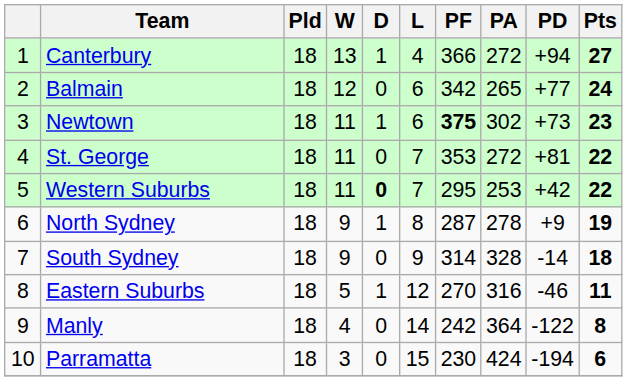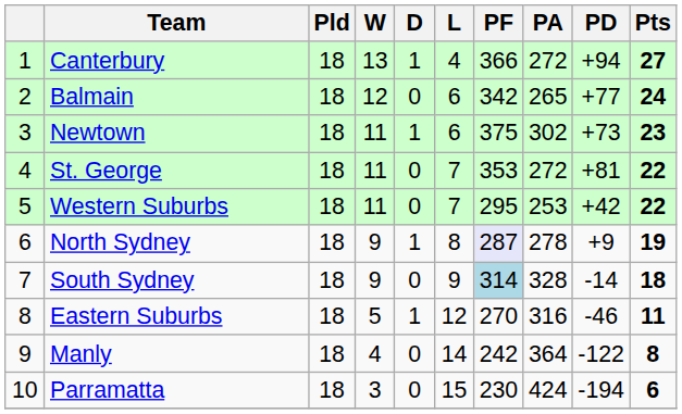 <table class="wikitable" style="text-align:center;">
 <tr>
 <th width=20 abbr="Position"></th>
 <th width=175>Team</th>
 <th width=20 abbr="Played">Pld</th>
 <th width=20 abbr="Won">W</th>
 <th width=20 abbr="Drawn">D</th>
 <th width=20 abbr="Lost">L</th>
 <th width=20 abbr="Points for">PF</th>
 <th width=20 abbr="Points against">PA</th>
 <th width=25 abbr="Points difference">PD</th>
 <th width=20 abbr="Points">Pts</th>
 </tr>
 <tr style="background: #ccffcc;">
 <td>1</td>
 <td style="text-align:left;"> <a href='#'>Canterbury</a></td>
 <td>18</td>
 <td>13</td>
 <td>1</td>
 <td>4</td>
 <td>366</td>
 <td>272</td>
 <td>+94</td>
 <td><strong>27</strong></td>
 </tr>
 <tr style="background: #ccffcc;">
 <td>2</td>
 <td style="text-align:left;"> <a href='#'>Balmain</a></td>
 <td>18</td>
 <td>12</td>
 <td>0</td>
 <td>6</td>
 <td>342</td>
 <td>265</td>
 <td>+77</td>
 <td><strong>24</strong></td>
 </tr>
 <tr style="background: #ccffcc;">
 <td>3</td>
 <td style="text-align:left;"> <a href='#'>Newtown</a></td>
 <td>18</td>
 <td>11</td>
 <td>1</td>
 <td>6</td>
-<td><strong>375</strong></td>
+<td>375</td>
 <td>302</td>
 <td>+73</td>
 <td><strong>23</strong></td>
 </tr>
 <tr style="background: #ccffcc;">
 <td>4</td>
 <td style="text-align:left;"> <a href='#'>St. George</a></td>
 <td>18</td>
 <td>11</td>
 <td>0</td>
 <td>7</td>
 <td>353</td>
 <td>272</td>
 <td>+81</td>
 <td><strong>22</strong></td>
 </tr>
 <tr style="background: #ccffcc;">
 <td>5</td>
 <td style="text-align:left;"> <a href='#'>Western Suburbs</a></td>
 <td>18</td>
 <td>11</td>
-<td><strong>0</strong></td>
+<td>0</td>
 <td>7</td>
 <td>295</td>
 <td>253</td>
 <td>+42</td>
 <td><strong>22</strong></td>
 </tr>
 <tr>
 <td>6</td>
 <td style="text-align:left;"> <a href='#'>North Sydney</a></td>
 <td>18</td>
 <td>9</td>
 <td>1</td>
 <td>8</td>
-<td>287</td>
+<td style="background: lavender;">287</td>
 <td>278</td>
 <td>+9</td>
 <td><strong>19</strong></td>
 </tr>
 <tr>
 <td>7</td>
 <td style="text-align:left;"> <a href='#'>South Sydney</a></td>
 <td>18</td>
 <td>9</td>
 <td>0</td>
 <td>9</td>
-<td>314</td>
+<td style="background: lightblue;">314</td>
 <td>328</td>
 <td>-14</td>
 <td><strong>18</strong></td>
 </tr>
 <tr>
 <td>8</td>
 <td style="text-align:left;"> <a href='#'>Eastern Suburbs</a></td>
 <td>18</td>
 <td>5</td>
 <td>1</td>
 <td>12</td>
 <td>270</td>
 <td>316</td>
 <td>-46</td>
 <td><strong>11</strong></td>
 </tr>
 <tr>
 <td>9</td>
 <td style="text-align:left;"> <a href='#'>Manly</a></td>
 <td>18</td>
 <td>4</td>
 <td>0</td>
 <td>14</td>
 <td>242</td>
 <td>364</td>
 <td>-122</td>
 <td><strong>8</strong></td>
 </tr>
 <tr>
 <td>10</td>
 <td style="text-align:left;"> <a href='#'>Parramatta</a></td>
 <td>18</td>
 <td>3</td>
 <td>0</td>
 <td>15</td>
 <td>230</td>
 <td>424</td>
 <td>-194</td>
 <td><strong>6</strong></td>
 </tr>
 <tr>
 </tr>
 </table>
